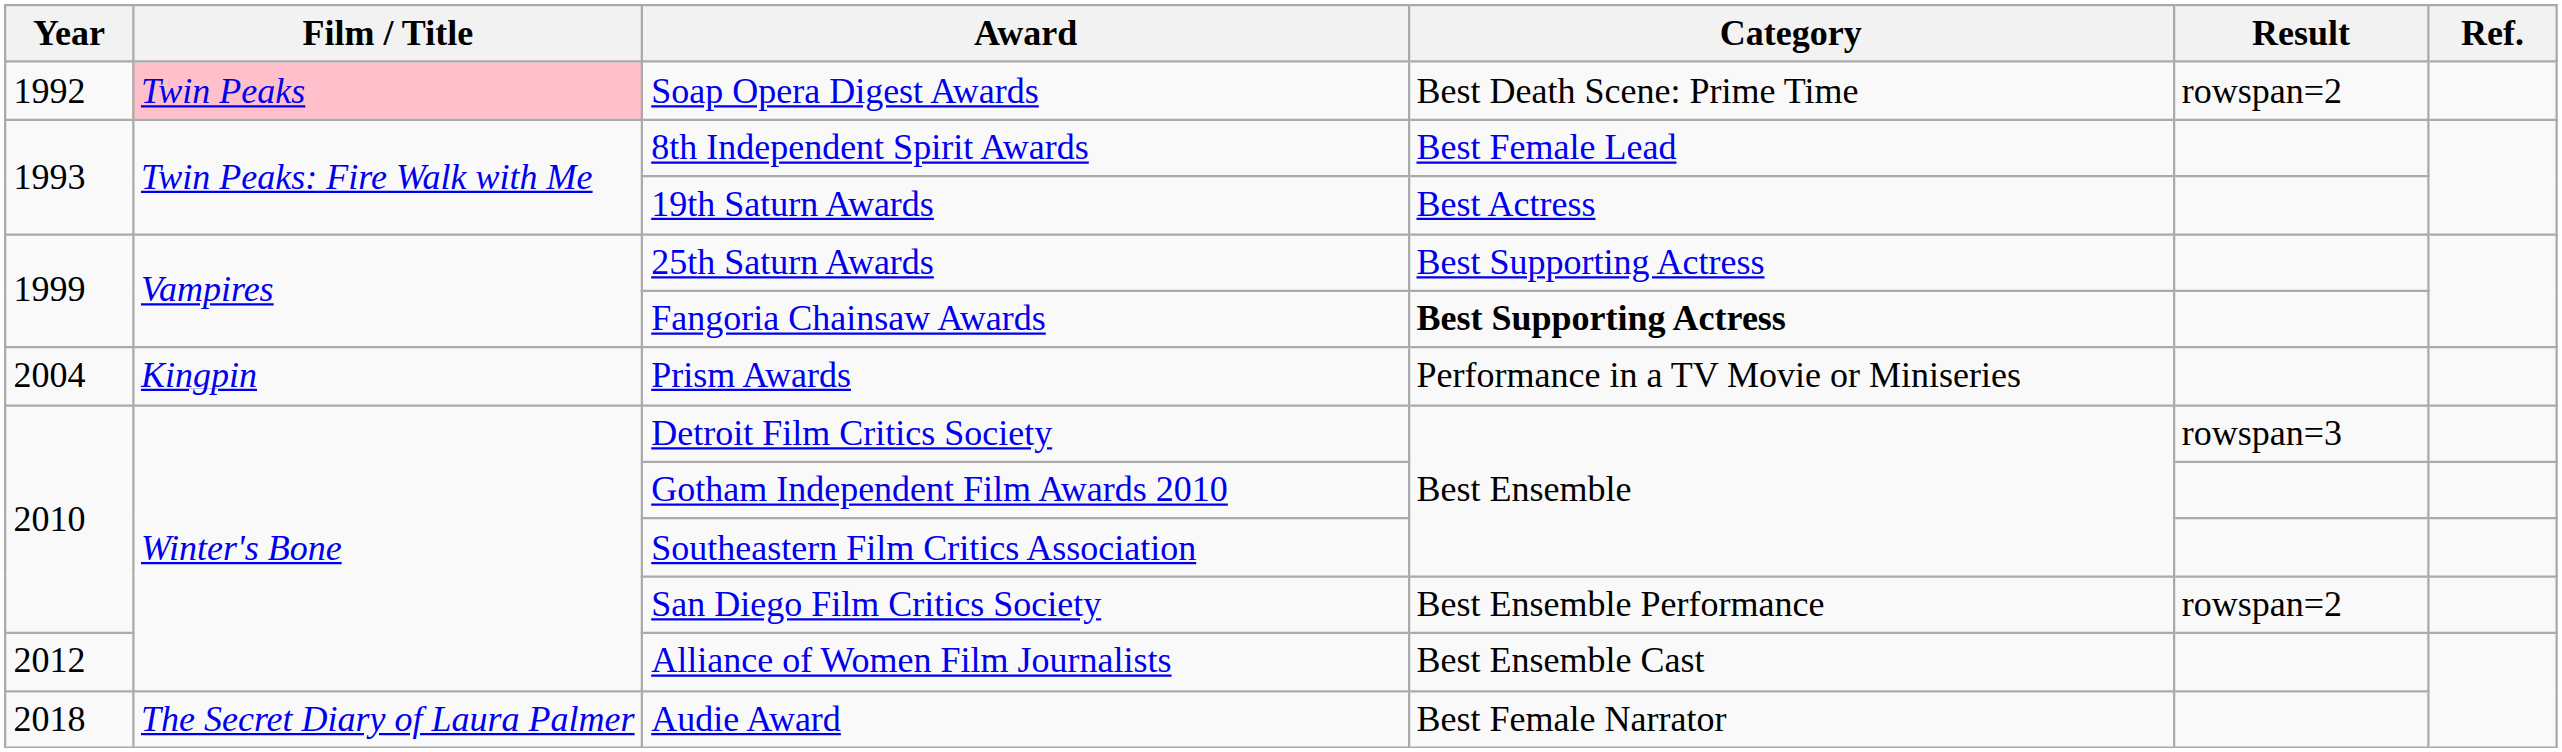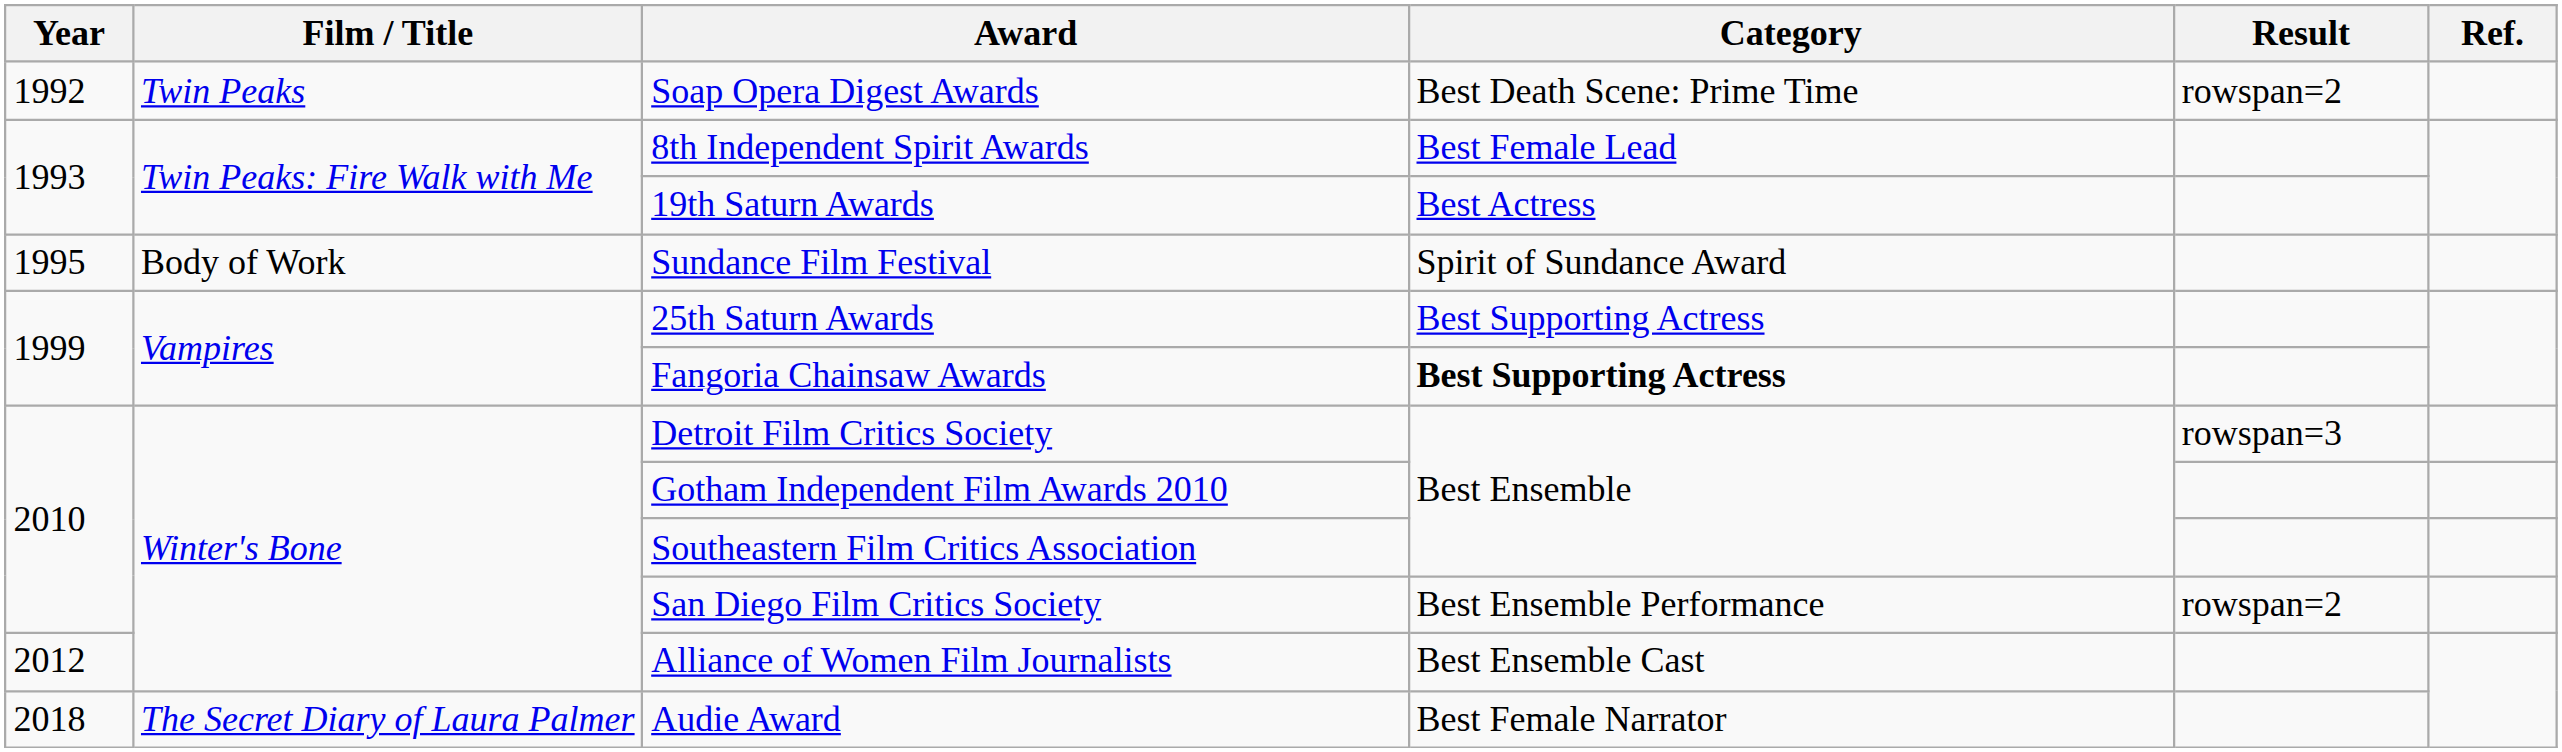 <table class="wikitable sortable plainrowheaders">
 <tr>
 <th width=5%>Year</th>
 <th style="width:20%;">Film / Title</th>
 <th style="width:30%;">Award</th>
 <th style="width:30%;">Category</th>
 <th style="width:10%;">Result</th>
 <th width=5%>Ref.</th>
 </tr>
 <tr>
 <td>1992</td>
-<td style="background: pink;"><em><a href='#'>Twin Peaks</a></em></td>
+<td><em><a href='#'>Twin Peaks</a></em></td>
 <td><a href='#'>Soap Opera Digest Awards</a></td>
 <td>Best Death Scene: Prime Time</td>
 <td>rowspan=2 </td>
 <td></td>
 </tr>
 <tr>
 <td rowspan=2>1993</td>
 <td rowspan=2><em><a href='#'>Twin Peaks: Fire Walk with Me</a></em></td>
 <td><a href='#'>8th Independent Spirit Awards</a></td>
 <td><a href='#'>Best Female Lead</a></td>
 <td></td>
 </tr>
 <tr>
 <td><a href='#'>19th Saturn Awards</a></td>
 <td><a href='#'>Best Actress</a></td>
 <td></td>
 </tr>
 <tr>
+<td>1995</td>
+<td>Body of Work</td>
+<td><a href='#'>Sundance Film Festival</a></td>
+<td>Spirit of Sundance Award</td>
+<td></td>
+<td></td>
+</tr>
+<tr>
 <td rowspan=2>1999</td>
 <td rowspan=2><em><a href='#'>Vampires</a></em></td>
 <td><a href='#'>25th Saturn Awards</a></td>
 <td><a href='#'>Best Supporting Actress</a></td>
 <td></td>
 <td rowspan=2></td>
 </tr>
 <tr>
 <td><a href='#'>Fangoria Chainsaw Awards</a></td>
 <td><strong>Best Supporting Actress</strong></td>
-<td></td>
-</tr>
-<tr>
-<td>2004</td>
-<td><em><a href='#'>Kingpin</a></em></td>
-<td><a href='#'>Prism Awards</a></td>
-<td>Performance in a TV Movie or Miniseries</td>
-<td></td>
 <td></td>
 </tr>
 <tr>
 <td rowspan=4>2010</td>
 <td rowspan=5><em><a href='#'>Winter's Bone</a></em></td>
 <td><a href='#'>Detroit Film Critics Society</a></td>
 <td rowspan=3>Best Ensemble</td>
 <td>rowspan=3 </td>
 <td></td>
 </tr>
 <tr>
 <td><a href='#'>Gotham Independent Film Awards 2010</a></td>
 <td></td>
 </tr>
 <tr>
 <td><a href='#'>Southeastern Film Critics Association</a></td>
 <td></td>
 <td></td>
 </tr>
 <tr>
 <td><a href='#'>San Diego Film Critics Society</a></td>
 <td>Best Ensemble Performance</td>
 <td>rowspan=2 </td>
 <td></td>
 </tr>
 <tr>
 <td>2012</td>
 <td><a href='#'>Alliance of Women Film Journalists</a></td>
 <td>Best Ensemble Cast</td>
 <td></td>
 </tr>
 <tr>
 <td>2018</td>
 <td><em><a href='#'>The Secret Diary of Laura Palmer</a></em></td>
 <td><a href='#'>Audie Award</a></td>
 <td>Best Female Narrator</td>
 <td></td>
 </tr>
 </table>
